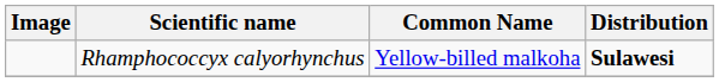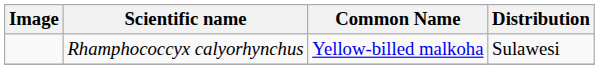 <table class="wikitable">
 <tr>
 <th>Image</th>
 <th>Scientific name</th>
 <th>Common Name</th>
 <th>Distribution</th>
 </tr>
 <tr>
 <td></td>
 <td><em>Rhamphococcyx calyorhynchus</em></td>
 <td><a href='#'>Yellow-billed malkoha</a></td>
-<td><strong>Sulawesi</strong></td>
+<td>Sulawesi</td>
 </tr>
 <tr>
 </tr>
 </table>
